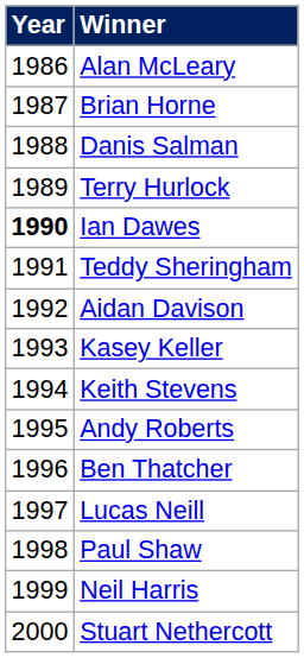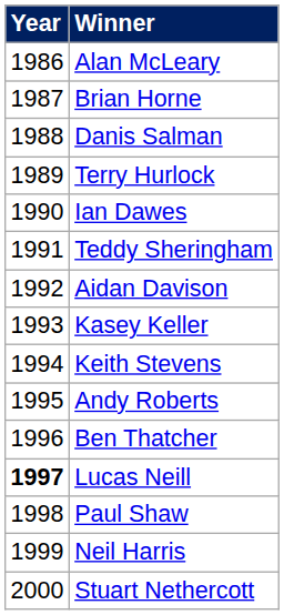 <table class="wikitable" style="background:#fff; text-align:left;">
 <tr style="font-weight:bold; color:#fff; background:#002060;"|>
 <td><strong>Year</strong></td>
 <td><strong>Winner</strong></td>
 </tr>
 <tr>
 <td>1986</td>
 <td> <a href='#'>Alan McLeary</a></td>
 </tr>
 <tr>
 <td>1987</td>
 <td> <a href='#'>Brian Horne</a></td>
 </tr>
 <tr>
 <td>1988</td>
 <td> <a href='#'>Danis Salman</a></td>
 </tr>
 <tr>
 <td>1989</td>
 <td> <a href='#'>Terry Hurlock</a></td>
 </tr>
 <tr>
-<td><strong>1990</strong></td>
+<td>1990</td>
 <td> <a href='#'>Ian Dawes</a></td>
 </tr>
 <tr>
 <td>1991</td>
 <td> <a href='#'>Teddy Sheringham</a></td>
 </tr>
 <tr>
 <td>1992</td>
 <td> <a href='#'>Aidan Davison</a></td>
 </tr>
 <tr>
 <td>1993</td>
 <td> <a href='#'>Kasey Keller</a></td>
 </tr>
 <tr>
 <td>1994</td>
 <td> <a href='#'>Keith Stevens</a></td>
 </tr>
 <tr>
 <td>1995</td>
 <td> <a href='#'>Andy Roberts</a></td>
 </tr>
 <tr>
 <td>1996</td>
 <td> <a href='#'>Ben Thatcher</a></td>
 </tr>
 <tr>
-<td>1997</td>
+<td><strong>1997</strong></td>
 <td> <a href='#'>Lucas Neill</a></td>
 </tr>
 <tr>
 <td>1998</td>
 <td> <a href='#'>Paul Shaw</a></td>
 </tr>
 <tr>
 <td>1999</td>
 <td> <a href='#'>Neil Harris</a></td>
 </tr>
 <tr>
 <td>2000</td>
 <td> <a href='#'>Stuart Nethercott</a></td>
 </tr>
 </table>
